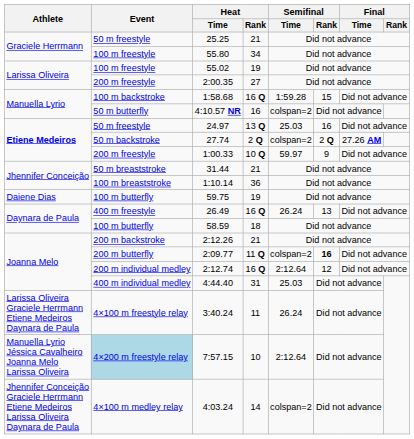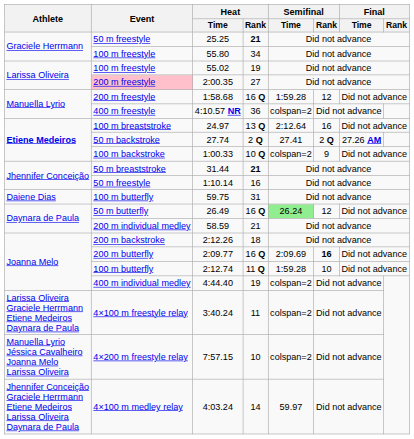 <table class=wikitable style="font-size:90%">
 <tr>
 <th rowspan="2">Athlete</th>
 <th rowspan="2">Event</th>
 <th colspan="2">Heat</th>
 <th colspan="2">Semifinal</th>
 <th colspan="2">Final</th>
 </tr>
 <tr style="font-size:95%">
 <th>Time</th>
 <th>Rank</th>
 <th>Time</th>
 <th>Rank</th>
 <th>Time</th>
 <th>Rank</th>
 </tr>
 <tr align=center>
 <td align=left rowspan=2><a href='#'>Graciele Herrmann</a></td>
 <td align=left><a href='#'>50 m freestyle</a></td>
 <td>25.25</td>
-<td>21</td>
+<td><strong>21</strong></td>
 <td colspan=4>Did not advance</td>
 </tr>
 <tr align=center>
 <td align=left><a href='#'>100 m freestyle</a></td>
 <td>55.80</td>
 <td>34</td>
 <td colspan=4>Did not advance</td>
 </tr>
 <tr align=center>
 <td align=left rowspan=2><a href='#'>Larissa Oliveira</a></td>
 <td align=left><a href='#'>100 m freestyle</a></td>
 <td>55.02</td>
 <td>19</td>
 <td colspan=4>Did not advance</td>
 </tr>
 <tr align=center>
-<td align=left><a href='#'>200 m freestyle</a></td>
+<td align=left style="background: pink;"><a href='#'>200 m freestyle</a></td>
 <td>2:00.35</td>
 <td>27</td>
 <td colspan=4>Did not advance</td>
 </tr>
 <tr align=center>
 <td align=left rowspan=2><a href='#'>Manuella Lyrio</a></td>
-<td align=left><a href='#'>100 m backstroke</a></td>
+<td align=left><a href='#'>200 m freestyle</a></td>
 <td>1:58.68</td>
 <td>16 <strong>Q</strong></td>
 <td>1:59.28</td>
-<td>15</td>
+<td>12</td>
 <td colspan=2>Did not advance</td>
 </tr>
 <tr align=center>
-<td align=left><a href='#'>50 m butterfly</a></td>
+<td align=left><a href='#'>400 m freestyle</a></td>
 <td>4:10.57 <strong><a href='#'>NR</a></strong></td>
-<td>16</td>
+<td>36</td>
 <td>colspan=2 </td>
 <td colspan=2>Did not advance</td>
 </tr>
 <tr align=center>
 <td align=left rowspan=3><strong><a href='#'>Etiene Medeiros</a></strong></td>
-<td align=left><a href='#'>50 m freestyle</a></td>
+<td align=left><a href='#'>100 m breaststroke</a></td>
 <td>24.97</td>
 <td>13 <strong>Q</strong></td>
-<td>25.03</td>
+<td>2:12.64</td>
 <td>16</td>
 <td colspan=2>Did not advance</td>
 </tr>
 <tr align=center>
 <td align=left><a href='#'>50 m backstroke</a></td>
 <td>27.74</td>
 <td>2 <strong>Q</strong></td>
-<td>colspan=2 </td>
+<td>27.41</td>
 <td>2 <strong>Q</strong></td>
 <td>27.26 <strong><a href='#'>AM</a></strong></td>
 <td></td>
 </tr>
 <tr align=center>
-<td align=left><a href='#'>200 m freestyle</a></td>
+<td align=left><a href='#'>100 m backstroke</a></td>
 <td>1:00.33</td>
 <td>10 <strong>Q</strong></td>
-<td>59.97</td>
+<td>colspan=2 </td>
 <td>9</td>
 <td colspan=2>Did not advance</td>
 </tr>
 <tr align=center>
 <td align=left rowspan=2><a href='#'>Jhennifer Conceição</a></td>
 <td align=left><a href='#'>50 m breaststroke</a></td>
 <td>31.44</td>
-<td>21</td>
+<td><strong>21</strong></td>
 <td colspan=4>Did not advance</td>
 </tr>
 <tr align=center>
-<td align=left><a href='#'>100 m breaststroke</a></td>
+<td align=left><a href='#'>50 m freestyle</a></td>
 <td>1:10.14</td>
-<td>36</td>
+<td>16</td>
 <td colspan=4>Did not advance</td>
 </tr>
 <tr align=center>
 <td align=left><a href='#'>Daiene Dias</a></td>
 <td align=left><a href='#'>100 m butterfly</a></td>
 <td>59.75</td>
-<td>19</td>
+<td>31</td>
 <td colspan=4>Did not advance</td>
 </tr>
 <tr align=center>
 <td align=left rowspan=2><a href='#'>Daynara de Paula</a></td>
-<td align=left><a href='#'>400 m freestyle</a></td>
+<td align=left><a href='#'>50 m butterfly</a></td>
 <td>26.49</td>
 <td>16 <strong>Q</strong></td>
-<td>26.24</td>
-<td>13</td>
+<td style="background: lightgreen;">26.24</td>
+<td>12</td>
 <td colspan=2>Did not advance</td>
 </tr>
 <tr align=center>
-<td align=left><a href='#'>100 m butterfly</a></td>
+<td align=left><a href='#'>200 m individual medley</a></td>
 <td>58.59</td>
-<td>18</td>
+<td>21</td>
 <td colspan=4>Did not advance</td>
 </tr>
 <tr align=center>
 <td align=left rowspan=4><a href='#'>Joanna Melo</a></td>
 <td align=left><a href='#'>200 m backstroke</a></td>
 <td>2:12.26</td>
-<td>21</td>
+<td>18</td>
 <td colspan=4>Did not advance</td>
 </tr>
 <tr align=center>
 <td align=left><a href='#'>200 m butterfly</a></td>
 <td>2:09.77</td>
-<td>11 <strong>Q</strong></td>
-<td>colspan=2 </td>
+<td>16 <strong>Q</strong></td>
+<td>2:09.69</td>
 <td><strong>16</strong></td>
 <td colspan=2>Did not advance</td>
 </tr>
 <tr align=center>
-<td align=left><a href='#'>200 m individual medley</a></td>
+<td align=left><a href='#'>100 m butterfly</a></td>
 <td>2:12.74</td>
-<td>16 <strong>Q</strong></td>
-<td>2:12.64</td>
-<td>12</td>
+<td>11 <strong>Q</strong></td>
+<td>1:59.28</td>
+<td>10</td>
 <td colspan=2>Did not advance</td>
 </tr>
 <tr align=center>
 <td align=left><a href='#'>400 m individual medley</a></td>
 <td>4:44.40</td>
-<td>31</td>
-<td>25.03</td>
+<td>19</td>
+<td>colspan=2 </td>
 <td colspan=2>Did not advance</td>
 </tr>
 <tr align=center>
 <td align=left><a href='#'>Larissa Oliveira</a><br><a href='#'>Graciele Herrmann</a><br><a href='#'>Etiene Medeiros</a><br><a href='#'>Daynara de Paula</a></td>
 <td align=left><a href='#'>4×100 m freestyle relay</a></td>
 <td>3:40.24</td>
 <td>11</td>
-<td>26.24</td>
+<td>colspan=2 </td>
 <td colspan=2>Did not advance</td>
 </tr>
 <tr align=center>
 <td align=left><a href='#'>Manuella Lyrio</a><br><a href='#'>Jéssica Cavalheiro</a><br><a href='#'>Joanna Melo</a><br><a href='#'>Larissa Oliveira</a></td>
-<td align=left style="background: lightblue;"><a href='#'>4×200 m freestyle relay</a></td>
+<td align=left><a href='#'>4×200 m freestyle relay</a></td>
 <td>7:57.15</td>
 <td>10</td>
-<td>2:12.64</td>
+<td>colspan=2 </td>
 <td colspan=2>Did not advance</td>
 </tr>
 <tr align=center>
 <td align=left><a href='#'>Jhennifer Conceição</a><br><a href='#'>Graciele Herrmann</a><br><a href='#'>Etiene Medeiros</a><br><a href='#'>Larissa Oliveira</a><br><a href='#'>Daynara de Paula</a></td>
 <td align=left><a href='#'>4×100 m medley relay</a></td>
 <td>4:03.24</td>
 <td>14</td>
-<td>colspan=2 </td>
+<td>59.97</td>
 <td colspan=2>Did not advance</td>
 </tr>
 </table>
